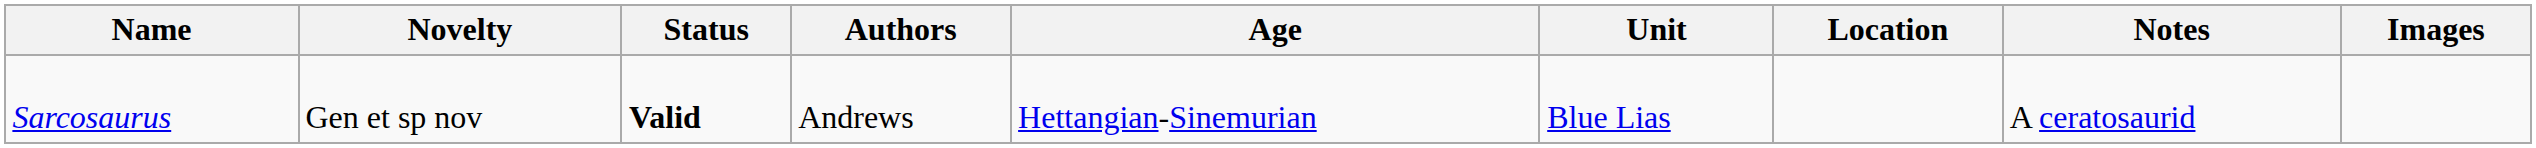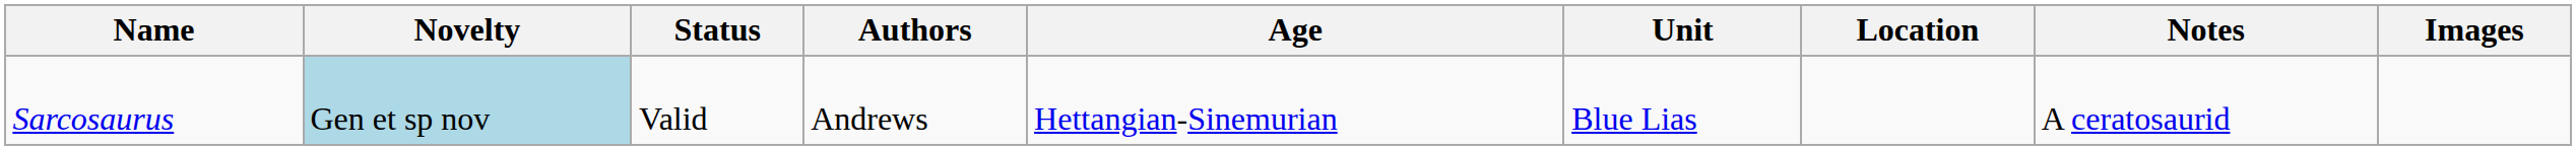 <table class="wikitable sortable" align="center" width="100%">
 <tr>
 <th>Name</th>
 <th>Novelty</th>
 <th>Status</th>
 <th>Authors</th>
 <th>Age</th>
 <th>Unit</th>
 <th>Location</th>
 <th>Notes</th>
 <th>Images</th>
 </tr>
 <tr>
 <td><br><em><a href='#'>Sarcosaurus</a></em></td>
-<td><br>Gen et sp nov</td>
-<td><strong><br>Valid</strong></td>
+<td style="background: lightblue;"><br>Gen et sp nov</td>
+<td><br>Valid</td>
 <td><br>Andrews</td>
 <td><br><a href='#'>Hettangian</a>-<a href='#'>Sinemurian</a></td>
 <td><br><a href='#'>Blue Lias</a></td>
 <td><br></td>
 <td><br>A <a href='#'>ceratosaurid</a></td>
 <td><br></td>
 </tr>
 <tr>
 </tr>
 </table>
